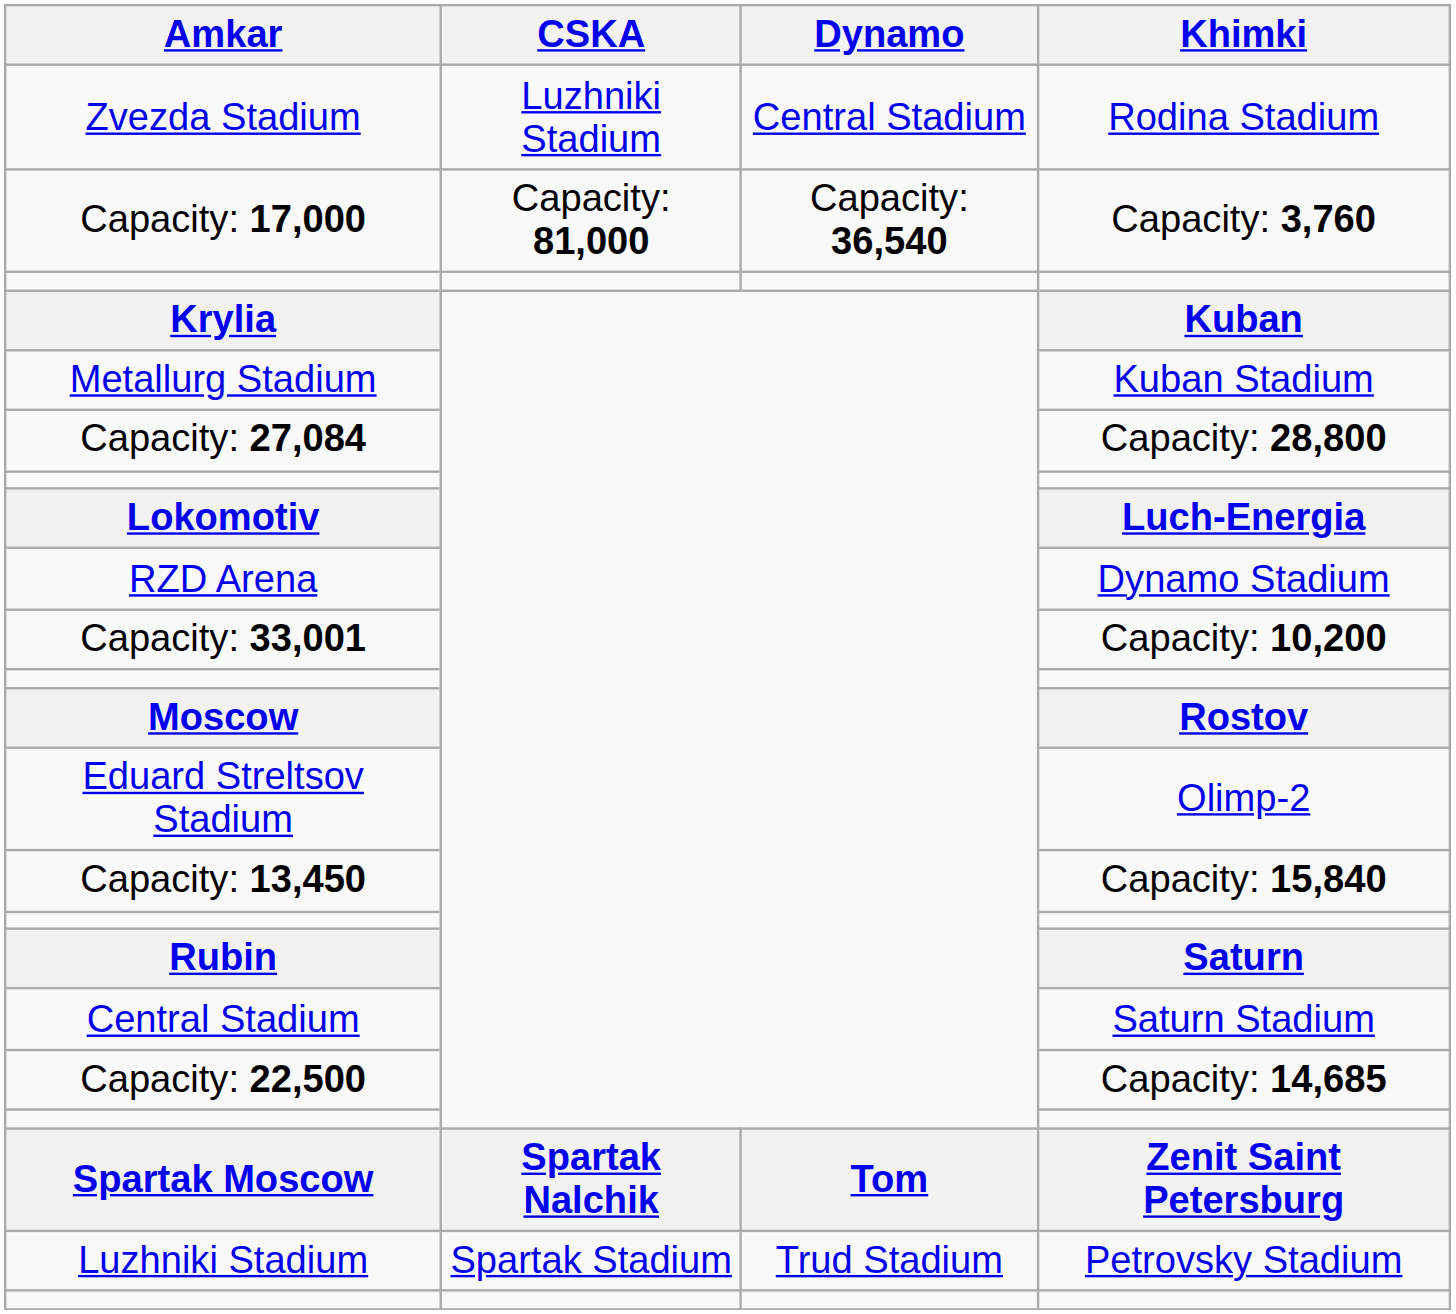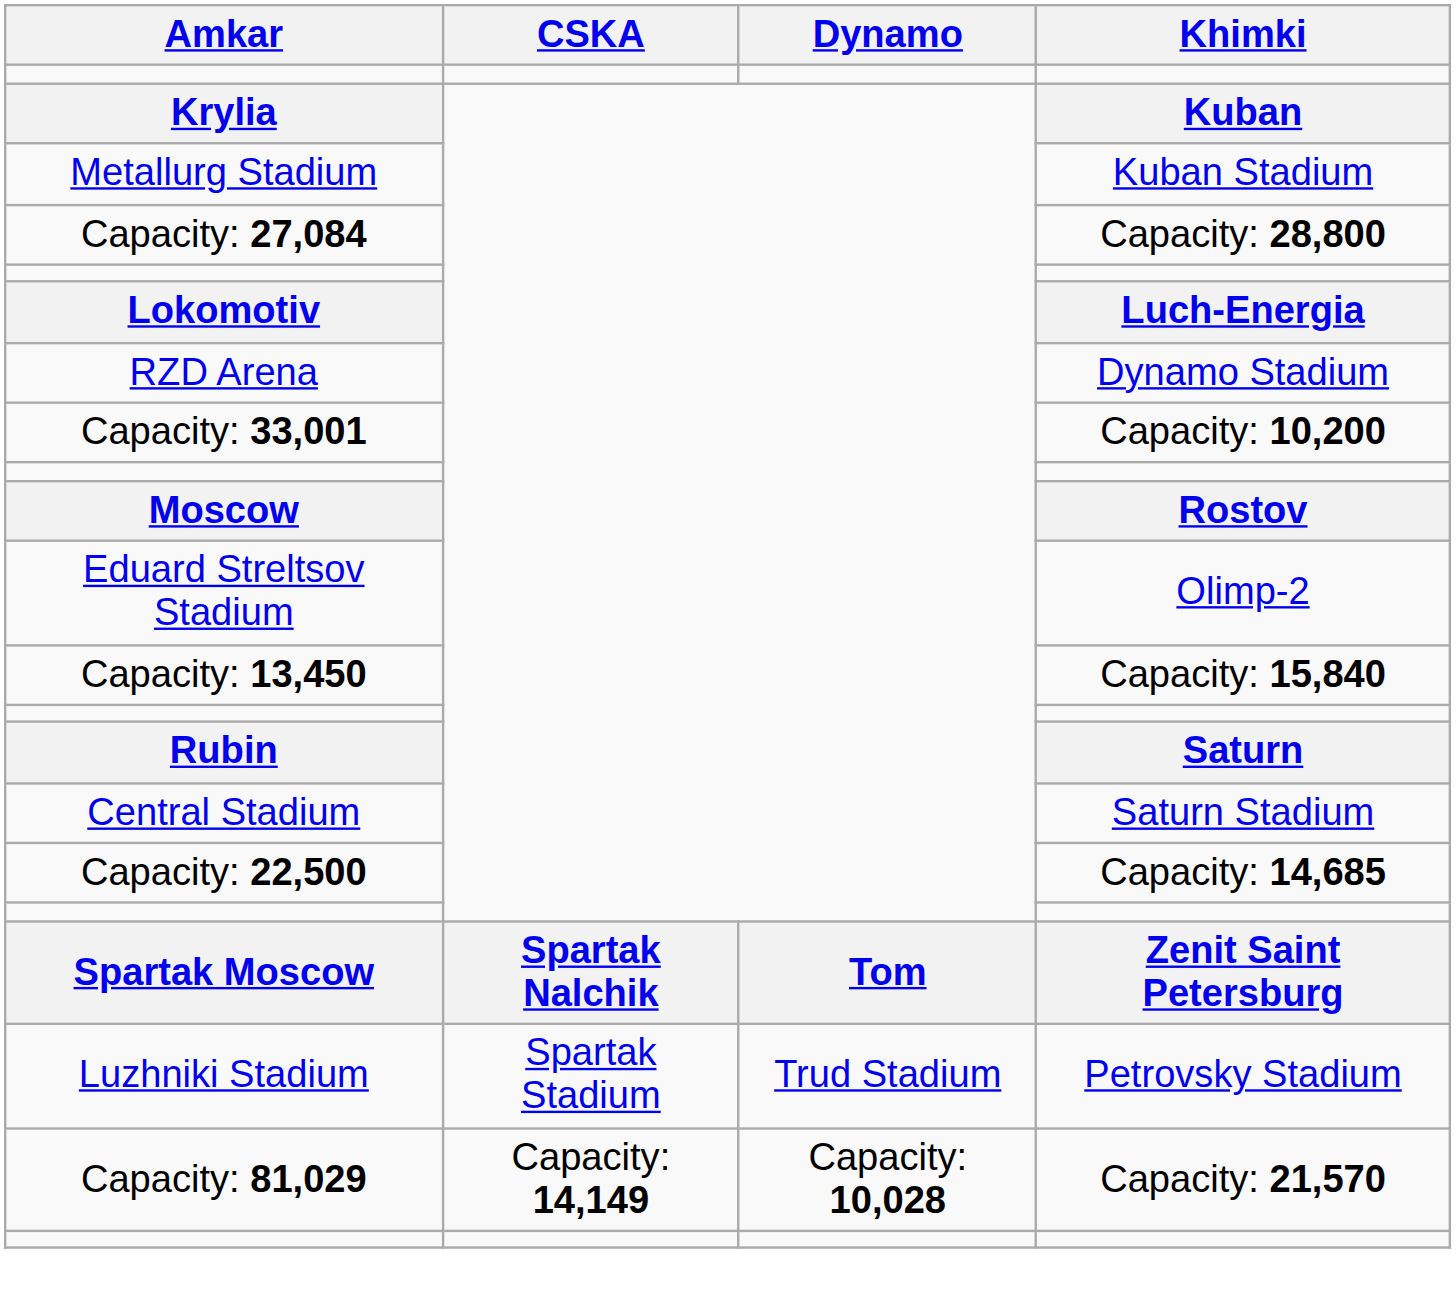 <table class="wikitable" style="text-align:center;">
 <tr>
 <th><a href='#'>Amkar</a></th>
 <th><a href='#'>CSKA</a></th>
 <th><a href='#'>Dynamo</a></th>
 <th><a href='#'>Khimki</a></th>
-</tr>
-<tr>
-<td><a href='#'>Zvezda Stadium</a></td>
-<td><a href='#'>Luzhniki Stadium</a></td>
-<td><a href='#'>Central Stadium</a></td>
-<td><a href='#'>Rodina Stadium</a></td>
-</tr>
-<tr>
-<td>Capacity: <strong>17,000</strong></td>
-<td>Capacity: <strong>81,000</strong></td>
-<td>Capacity: <strong>36,540</strong></td>
-<td>Capacity: <strong>3,760</strong></td>
 </tr>
 <tr>
 <td></td>
 <td></td>
 <td></td>
 <td></td>
 </tr>
 <tr>
 <th><a href='#'>Krylia</a></th>
 <td colspan="2" rowspan="16"><br> </td>
 <th><a href='#'>Kuban</a></th>
 </tr>
 <tr>
 <td><a href='#'>Metallurg Stadium</a></td>
 <td><a href='#'>Kuban Stadium</a></td>
 </tr>
 <tr>
 <td>Capacity: <strong>27,084</strong></td>
 <td>Capacity: <strong>28,800</strong></td>
 </tr>
 <tr>
 <td></td>
 <td></td>
 </tr>
 <tr>
 <th><a href='#'>Lokomotiv</a></th>
 <th><a href='#'>Luch-Energia</a></th>
 </tr>
 <tr>
 <td><a href='#'>RZD Arena</a></td>
 <td><a href='#'>Dynamo Stadium</a></td>
 </tr>
 <tr>
 <td>Capacity: <strong>33,001</strong></td>
 <td>Capacity: <strong>10,200</strong></td>
 </tr>
 <tr>
 <td></td>
 <td></td>
 </tr>
 <tr>
 <th><a href='#'>Moscow</a></th>
 <th><a href='#'>Rostov</a></th>
 </tr>
 <tr>
 <td><a href='#'>Eduard Streltsov Stadium</a></td>
 <td><a href='#'>Olimp-2</a></td>
 </tr>
 <tr>
 <td>Capacity: <strong>13,450</strong></td>
 <td>Capacity: <strong>15,840</strong></td>
 </tr>
 <tr>
 <td></td>
 <td></td>
 </tr>
 <tr>
 <th><a href='#'>Rubin</a></th>
 <th><a href='#'>Saturn</a></th>
 </tr>
 <tr>
 <td><a href='#'>Central Stadium</a></td>
 <td><a href='#'>Saturn Stadium</a></td>
 </tr>
 <tr>
 <td>Capacity: <strong>22,500</strong></td>
 <td>Capacity: <strong>14,685</strong></td>
 </tr>
 <tr>
 <td></td>
 <td></td>
 </tr>
 <tr>
 <th><a href='#'>Spartak Moscow</a></th>
 <th><a href='#'>Spartak Nalchik</a></th>
 <th><a href='#'>Tom</a></th>
 <th><a href='#'>Zenit Saint Petersburg</a></th>
 </tr>
 <tr>
 <td><a href='#'>Luzhniki Stadium</a></td>
 <td><a href='#'>Spartak Stadium</a></td>
 <td><a href='#'>Trud Stadium</a></td>
 <td><a href='#'>Petrovsky Stadium</a></td>
 </tr>
 <tr>
+<td>Capacity: <strong>81,029</strong></td>
+<td>Capacity: <strong>14,149</strong></td>
+<td>Capacity: <strong>10,028</strong></td>
+<td>Capacity: <strong>21,570</strong></td>
+</tr>
+<tr>
 <td></td>
 <td></td>
 <td></td>
 <td></td>
 </tr>
 </table>
